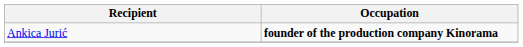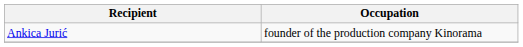 <table class="wikitable" width="55%" cellpadding="5">
 <tr>
 <th width="25%">Recipient</th>
 <th width="25%">Occupation</th>
 </tr>
 <tr>
 <td>  <a href='#'>Ankica Jurić</a></td>
-<td><strong>founder of the production company Kinorama</strong></td>
+<td>founder of the production company Kinorama</td>
 </tr>
 <tr>
 </tr>
 </table>
